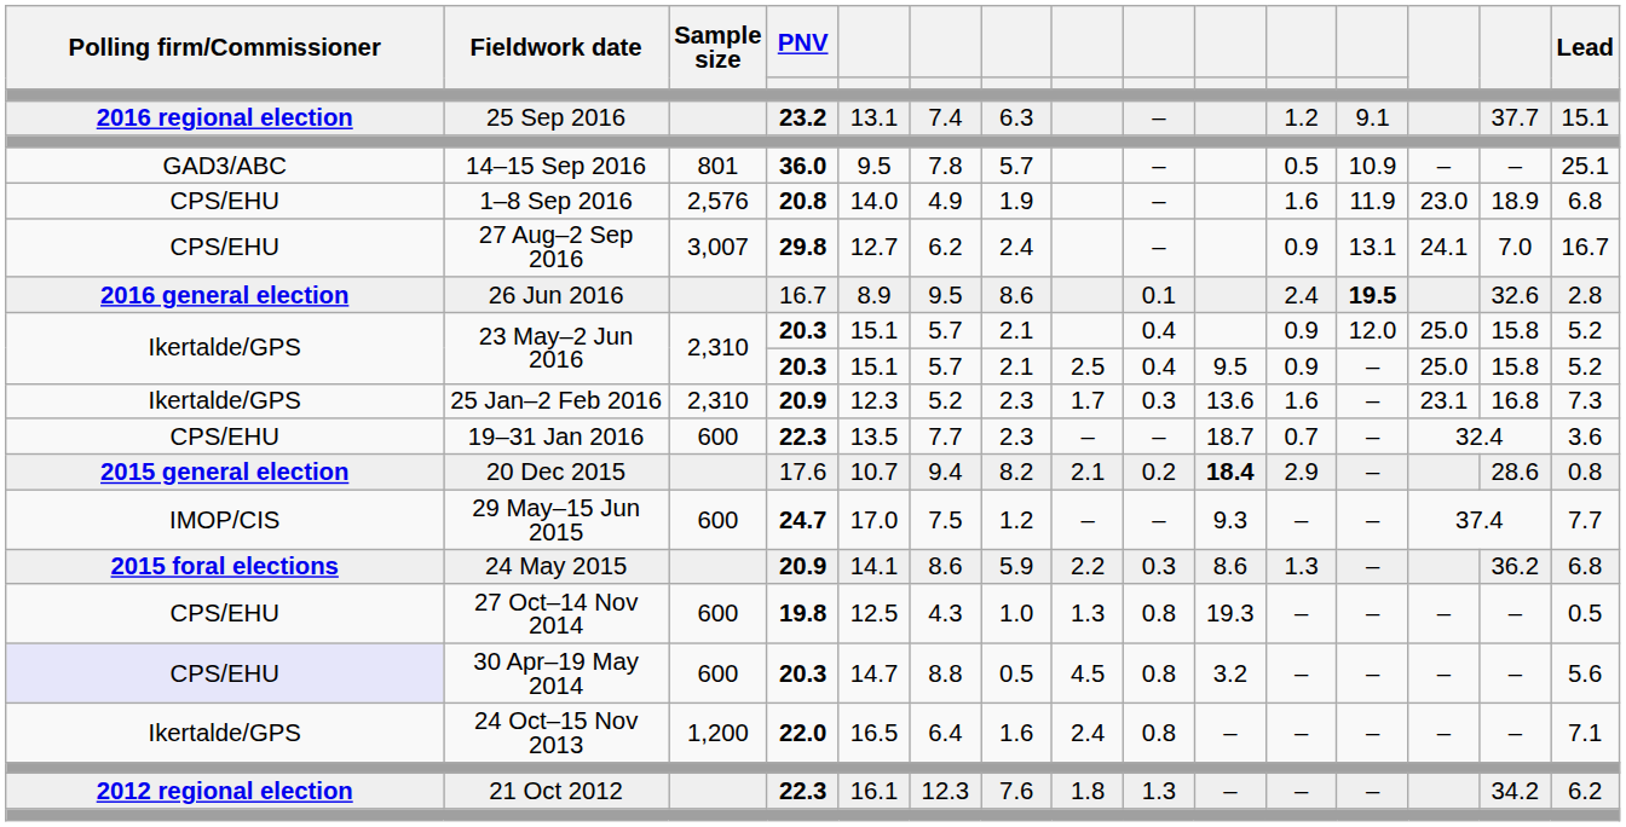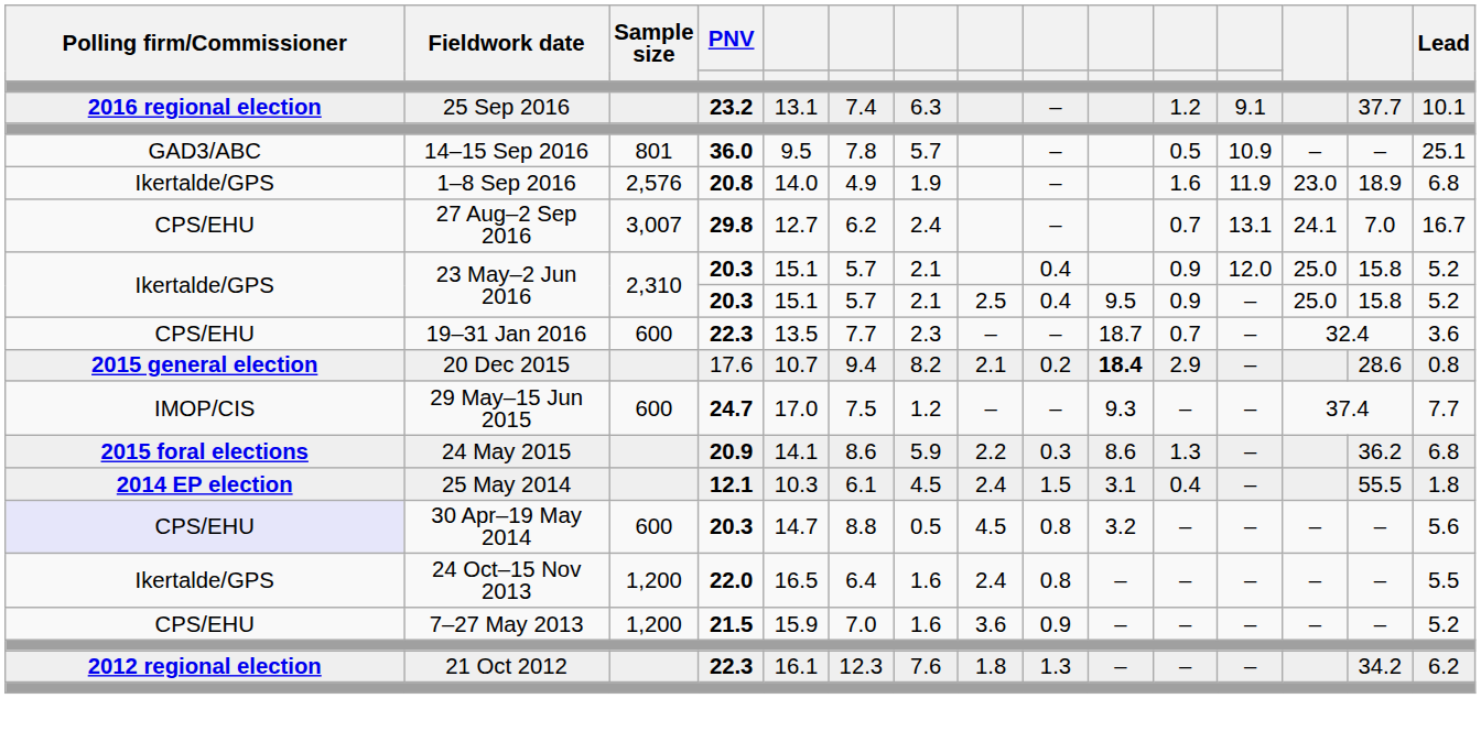 <table class="wikitable collapsible collapsed" style="text-align:center; font-size:90%; line-height:14px;">
 <tr style="height:42px;">
 <th style="width:250px;" rowspan="2">Polling firm/Commissioner</th>
 <th style="width:125px;" rowspan="2">Fieldwork date</th>
 <th style="width:50px;" rowspan="2">Sample size</th>
 <th style="width:35px;"><a href='#'>PNV</a></th>
 <th style="width:35px;"></th>
 <th style="width:35px;"></th>
 <th style="width:35px;"></th>
 <th style="width:35px;"></th>
 <th style="width:35px;"></th>
 <th style="width:35px;"></th>
 <th style="width:35px;"></th>
 <th style="width:35px;"></th>
 <th style="width:35px;" rowspan="2"></th>
 <th style="width:35px;" rowspan="2"></th>
 <th style="width:30px;" rowspan="2">Lead</th>
 </tr>
 <tr>
 <th style="color:inherit;background:"></th>
 <th style="color:inherit;background:"></th>
 <th style="color:inherit;background:"></th>
 <th style="color:inherit;background:"></th>
 <th style="color:inherit;background:"></th>
 <th style="color:inherit;background:"></th>
 <th style="color:inherit;background:"></th>
 <th style="color:inherit;background:"></th>
 <th style="color:inherit;background:"></th>
 </tr>
 <tr>
 <td colspan="15" style="background:#A0A0A0"></td>
 </tr>
 <tr style="background:#EFEFEF;">
 <td><strong><a href='#'>2016 regional election</a></strong></td>
 <td>25 Sep 2016</td>
 <td></td>
 <td><strong>23.2</strong></td>
 <td>13.1</td>
 <td>7.4</td>
 <td>6.3</td>
 <td></td>
 <td>–</td>
 <td></td>
 <td>1.2</td>
 <td>9.1</td>
 <td></td>
 <td>37.7</td>
-<td style="background:">15.1</td>
+<td style="background:">10.1</td>
 </tr>
 <tr>
 <td colspan="15" style="background:#A0A0A0"></td>
 </tr>
 <tr>
 <td>GAD3/ABC</td>
 <td>14–15 Sep 2016</td>
 <td>801</td>
 <td><strong>36.0</strong></td>
 <td>9.5</td>
 <td>7.8</td>
 <td>5.7</td>
 <td></td>
 <td>–</td>
 <td></td>
 <td>0.5</td>
 <td>10.9</td>
 <td>–</td>
 <td>–</td>
 <td style="background:">25.1</td>
 </tr>
 <tr>
-<td>CPS/EHU</td>
+<td>Ikertalde/GPS</td>
 <td>1–8 Sep 2016</td>
 <td>2,576</td>
 <td><strong>20.8</strong></td>
 <td>14.0</td>
 <td>4.9</td>
 <td>1.9</td>
 <td></td>
 <td>–</td>
 <td></td>
 <td>1.6</td>
 <td>11.9</td>
 <td>23.0</td>
 <td>18.9</td>
 <td style="background:">6.8</td>
 </tr>
 <tr>
 <td>CPS/EHU</td>
 <td>27 Aug–2 Sep 2016</td>
 <td>3,007</td>
 <td><strong>29.8</strong></td>
 <td>12.7</td>
 <td>6.2</td>
 <td>2.4</td>
 <td></td>
 <td>–</td>
 <td></td>
-<td>0.9</td>
+<td>0.7</td>
 <td>13.1</td>
 <td>24.1</td>
 <td>7.0</td>
 <td style="background:">16.7</td>
-</tr>
-<tr style="background:#EFEFEF;">
-<td><strong><a href='#'>2016 general election</a></strong></td>
-<td>26 Jun 2016</td>
-<td></td>
-<td>16.7</td>
-<td>8.9</td>
-<td>9.5</td>
-<td>8.6</td>
-<td></td>
-<td>0.1</td>
-<td></td>
-<td>2.4</td>
-<td><strong>19.5</strong></td>
-<td></td>
-<td>32.6</td>
-<td style="background:">2.8</td>
 </tr>
 <tr>
 <td rowspan="2">Ikertalde/GPS</td>
 <td rowspan="2">23 May–2 Jun 2016</td>
 <td rowspan="2">2,310</td>
 <td><strong>20.3</strong></td>
 <td>15.1</td>
 <td>5.7</td>
 <td>2.1</td>
 <td></td>
 <td>0.4</td>
 <td></td>
 <td>0.9</td>
 <td>12.0</td>
 <td>25.0</td>
 <td>15.8</td>
 <td style="background:">5.2</td>
 </tr>
 <tr>
 <td><strong>20.3</strong></td>
 <td>15.1</td>
 <td>5.7</td>
 <td>2.1</td>
 <td>2.5</td>
 <td>0.4</td>
 <td>9.5</td>
 <td>0.9</td>
 <td>–</td>
 <td>25.0</td>
 <td>15.8</td>
 <td style="background:">5.2</td>
-</tr>
-<tr>
-<td>Ikertalde/GPS</td>
-<td>25 Jan–2 Feb 2016</td>
-<td>2,310</td>
-<td><strong>20.9</strong></td>
-<td>12.3</td>
-<td>5.2</td>
-<td>2.3</td>
-<td>1.7</td>
-<td>0.3</td>
-<td>13.6</td>
-<td>1.6</td>
-<td>–</td>
-<td>23.1</td>
-<td>16.8</td>
-<td style="background:">7.3</td>
 </tr>
 <tr>
 <td>CPS/EHU</td>
 <td>19–31 Jan 2016</td>
 <td>600</td>
 <td><strong>22.3</strong></td>
 <td>13.5</td>
 <td>7.7</td>
 <td>2.3</td>
 <td>–</td>
 <td>–</td>
 <td>18.7</td>
 <td>0.7</td>
 <td>–</td>
 <td colspan="2">32.4</td>
 <td style="background:">3.6</td>
 </tr>
 <tr style="background:#EFEFEF;">
 <td><strong><a href='#'>2015 general election</a></strong></td>
 <td>20 Dec 2015</td>
 <td></td>
 <td>17.6</td>
 <td>10.7</td>
 <td>9.4</td>
 <td>8.2</td>
 <td>2.1</td>
 <td>0.2</td>
 <td><strong>18.4</strong></td>
 <td>2.9</td>
 <td>–</td>
 <td></td>
 <td>28.6</td>
 <td style="background:">0.8</td>
 </tr>
 <tr>
 <td>IMOP/CIS</td>
 <td>29 May–15 Jun 2015</td>
 <td>600</td>
 <td><strong>24.7</strong></td>
 <td>17.0</td>
 <td>7.5</td>
 <td>1.2</td>
 <td>–</td>
 <td>–</td>
 <td>9.3</td>
 <td>–</td>
 <td>–</td>
 <td colspan="2">37.4</td>
 <td style="background:">7.7</td>
 </tr>
 <tr style="background:#EFEFEF;">
 <td><strong><a href='#'>2015 foral elections</a></strong></td>
 <td>24 May 2015</td>
 <td></td>
 <td><strong>20.9</strong></td>
 <td>14.1</td>
 <td>8.6</td>
 <td>5.9</td>
 <td>2.2</td>
 <td>0.3</td>
 <td>8.6</td>
 <td>1.3</td>
 <td>–</td>
 <td></td>
 <td>36.2</td>
 <td style="background:">6.8</td>
 </tr>
-<tr>
-<td>CPS/EHU</td>
-<td>27 Oct–14 Nov 2014</td>
-<td>600</td>
-<td><strong>19.8</strong></td>
-<td>12.5</td>
-<td>4.3</td>
-<td>1.0</td>
-<td>1.3</td>
-<td>0.8</td>
-<td>19.3</td>
+<tr style="background:#EFEFEF;">
+<td><strong><a href='#'>2014 EP election</a></strong></td>
+<td>25 May 2014</td>
+<td></td>
+<td><strong>12.1</strong></td>
+<td>10.3</td>
+<td>6.1</td>
+<td>4.5</td>
+<td>2.4</td>
+<td>1.5</td>
+<td>3.1</td>
+<td>0.4</td>
 <td>–</td>
-<td>–</td>
-<td>–</td>
-<td>–</td>
-<td style="background:">0.5</td>
+<td></td>
+<td>55.5</td>
+<td style="background:">1.8</td>
 </tr>
 <tr>
 <td style="background: lavender;">CPS/EHU</td>
 <td>30 Apr–19 May 2014</td>
 <td>600</td>
 <td><strong>20.3</strong></td>
 <td>14.7</td>
 <td>8.8</td>
 <td>0.5</td>
 <td>4.5</td>
 <td>0.8</td>
 <td>3.2</td>
 <td>–</td>
 <td>–</td>
 <td>–</td>
 <td>–</td>
 <td style="background:">5.6</td>
 </tr>
 <tr>
 <td>Ikertalde/GPS</td>
 <td>24 Oct–15 Nov 2013</td>
 <td>1,200</td>
 <td><strong>22.0</strong></td>
 <td>16.5</td>
 <td>6.4</td>
 <td>1.6</td>
 <td>2.4</td>
 <td>0.8</td>
 <td>–</td>
 <td>–</td>
 <td>–</td>
 <td>–</td>
 <td>–</td>
-<td style="background:">7.1</td>
+<td style="background:">5.5</td>
+</tr>
+<tr>
+<td>CPS/EHU</td>
+<td>7–27 May 2013</td>
+<td>1,200</td>
+<td><strong>21.5</strong></td>
+<td>15.9</td>
+<td>7.0</td>
+<td>1.6</td>
+<td>3.6</td>
+<td>0.9</td>
+<td>–</td>
+<td>–</td>
+<td>–</td>
+<td>–</td>
+<td>–</td>
+<td style="background:">5.2</td>
 </tr>
 <tr>
 <td colspan="15" style="background:#A0A0A0"></td>
 </tr>
 <tr style="background:#EFEFEF;">
 <td><strong><a href='#'>2012 regional election</a></strong></td>
 <td>21 Oct 2012</td>
 <td></td>
 <td><strong>22.3</strong></td>
 <td>16.1</td>
 <td>12.3</td>
 <td>7.6</td>
 <td>1.8</td>
 <td>1.3</td>
 <td>–</td>
 <td>–</td>
 <td>–</td>
 <td></td>
 <td>34.2</td>
 <td style="background:">6.2</td>
 </tr>
 <tr>
 <td colspan="15" style="background:#A0A0A0"></td>
 </tr>
 </table>
